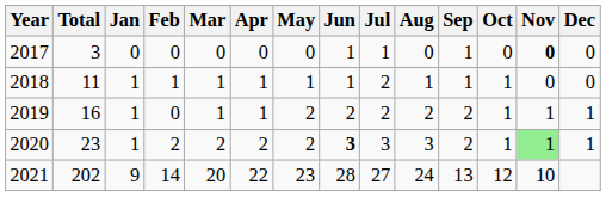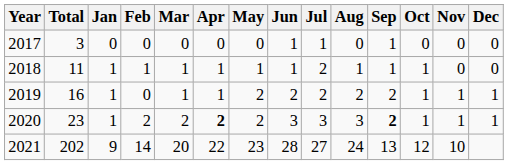 <table class="wikitable" style="text-align:right;">
 <tr>
 <th>Year</th>
 <th>Total</th>
 <th>Jan</th>
 <th>Feb</th>
 <th>Mar</th>
 <th>Apr</th>
 <th>May</th>
 <th>Jun</th>
 <th>Jul</th>
 <th>Aug</th>
 <th>Sep</th>
 <th>Oct</th>
 <th>Nov</th>
 <th>Dec</th>
 </tr>
 <tr align=right>
 <td>2017</td>
 <td>3</td>
 <td>0</td>
 <td>0</td>
 <td>0</td>
 <td>0</td>
 <td>0</td>
 <td>1</td>
 <td>1</td>
 <td>0</td>
 <td>1</td>
 <td>0</td>
-<td><strong>0</strong></td>
+<td>0</td>
 <td>0</td>
 </tr>
 <tr align=right>
 <td>2018</td>
 <td>11</td>
 <td>1</td>
 <td>1</td>
 <td>1</td>
 <td>1</td>
 <td>1</td>
 <td>1</td>
 <td>2</td>
 <td>1</td>
 <td>1</td>
 <td>1</td>
 <td>0</td>
 <td>0</td>
 </tr>
 <tr align=right>
 <td>2019</td>
 <td>16</td>
 <td>1</td>
 <td>0</td>
 <td>1</td>
 <td>1</td>
 <td>2</td>
 <td>2</td>
 <td>2</td>
 <td>2</td>
 <td>2</td>
 <td>1</td>
 <td>1</td>
 <td>1</td>
 </tr>
 <tr align=right>
 <td>2020</td>
 <td>23</td>
 <td>1</td>
 <td>2</td>
 <td>2</td>
+<td><strong>2</strong></td>
 <td>2</td>
-<td>2</td>
-<td><strong>3</strong></td>
 <td>3</td>
 <td>3</td>
-<td>2</td>
+<td>3</td>
+<td><strong>2</strong></td>
 <td>1</td>
-<td style="background: lightgreen;">1</td>
+<td>1</td>
 <td>1</td>
 </tr>
 <tr align=right>
 <td>2021</td>
 <td>202</td>
 <td>9</td>
 <td>14</td>
 <td>20</td>
 <td>22</td>
 <td>23</td>
 <td>28</td>
 <td>27</td>
 <td>24</td>
 <td>13</td>
 <td>12</td>
 <td>10</td>
 </tr>
 </table>
